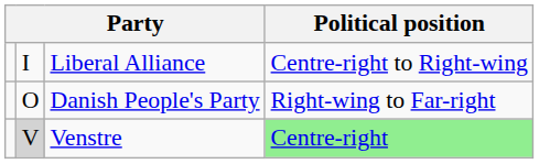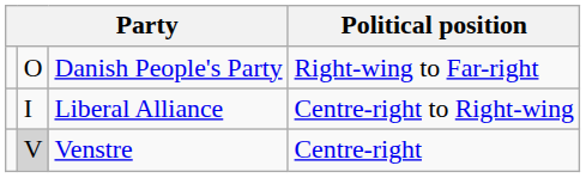 <table class="wikitable">
 <tr>
 <th colspan="3">Party</th>
 <th>Political position</th>
+</tr>
+<tr>
+<td></td>
+<td>O</td>
+<td><a href='#'>Danish People's Party</a></td>
+<td><a href='#'>Right-wing</a> to  <a href='#'>Far-right</a></td>
 </tr>
 <tr>
 <td></td>
 <td>I</td>
 <td><a href='#'>Liberal Alliance</a></td>
 <td><a href='#'>Centre-right</a> to <a href='#'>Right-wing</a></td>
 </tr>
 <tr>
 <td></td>
-<td>O</td>
-<td><a href='#'>Danish People's Party</a></td>
-<td><a href='#'>Right-wing</a> to  <a href='#'>Far-right</a></td>
-</tr>
-<tr>
-<td></td>
 <td style="background: lightgrey;">V</td>
 <td><a href='#'>Venstre</a></td>
-<td style="background: lightgreen;"><a href='#'>Centre-right</a></td>
+<td><a href='#'>Centre-right</a></td>
 </tr>
 </table>
